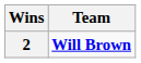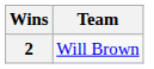 <table class="wikitable" style="font-size: 95%;">
 <tr>
 <th>Wins</th>
 <th>Team</th>
 </tr>
 <tr>
 <th>2</th>
-<td><strong><a href='#'>Will Brown</a></strong></td>
+<td><a href='#'>Will Brown</a></td>
 </tr>
 </table>
